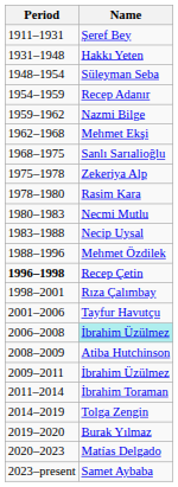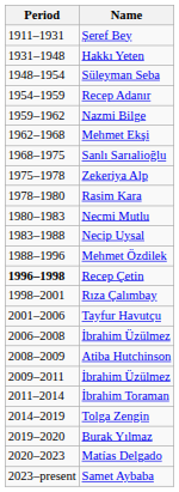 <table class="wikitable">
 <tr>
 <th>Period</th>
 <th>Name</th>
 </tr>
 <tr>
 <td>1911–1931</td>
 <td> <a href='#'>Şeref Bey</a></td>
 </tr>
 <tr>
 <td>1931–1948</td>
 <td> <a href='#'>Hakkı Yeten</a></td>
 </tr>
 <tr>
 <td>1948–1954</td>
 <td> <a href='#'>Süleyman Seba</a></td>
 </tr>
 <tr>
 <td>1954–1959</td>
 <td> <a href='#'>Recep Adanır</a></td>
 </tr>
 <tr>
 <td>1959–1962</td>
 <td> <a href='#'>Nazmi Bilge</a></td>
 </tr>
 <tr>
 <td>1962–1968</td>
 <td> <a href='#'>Mehmet Ekşi</a></td>
 </tr>
 <tr>
 <td>1968–1975</td>
 <td> <a href='#'>Sanlı Sarıalioğlu</a></td>
 </tr>
 <tr>
 <td>1975–1978</td>
 <td> <a href='#'>Zekeriya Alp</a></td>
 </tr>
 <tr>
 <td>1978–1980</td>
 <td> <a href='#'>Rasim Kara</a></td>
 </tr>
 <tr>
 <td>1980–1983</td>
 <td> <a href='#'>Necmi Mutlu</a></td>
 </tr>
 <tr>
 <td>1983–1988</td>
 <td> <a href='#'>Necip Uysal</a></td>
 </tr>
 <tr>
 <td>1988–1996</td>
 <td> <a href='#'>Mehmet Özdilek</a></td>
 </tr>
 <tr>
 <td><strong>1996–1998</strong></td>
 <td> <a href='#'>Recep Çetin</a></td>
 </tr>
 <tr>
 <td>1998–2001</td>
 <td> <a href='#'>Rıza Çalımbay</a></td>
 </tr>
 <tr>
 <td>2001–2006</td>
 <td> <a href='#'>Tayfur Havutçu</a></td>
 </tr>
 <tr>
 <td>2006–2008</td>
-<td style="background: paleturquoise;"> <a href='#'>İbrahim Üzülmez</a></td>
+<td> <a href='#'>İbrahim Üzülmez</a></td>
 </tr>
 <tr>
 <td>2008–2009</td>
 <td> <a href='#'>Atiba Hutchinson</a></td>
 </tr>
 <tr>
 <td>2009–2011</td>
 <td> <a href='#'>İbrahim Üzülmez</a></td>
 </tr>
 <tr>
 <td>2011–2014</td>
 <td> <a href='#'>İbrahim Toraman</a></td>
 </tr>
 <tr>
 <td>2014–2019</td>
 <td> <a href='#'>Tolga Zengin</a></td>
 </tr>
 <tr>
 <td>2019–2020</td>
 <td> <a href='#'>Burak Yılmaz</a></td>
 </tr>
 <tr>
 <td>2020–2023</td>
 <td> <a href='#'>Matías Delgado</a></td>
 </tr>
 <tr>
 <td>2023–present</td>
 <td> <a href='#'>Samet Aybaba</a></td>
 </tr>
 </table>
